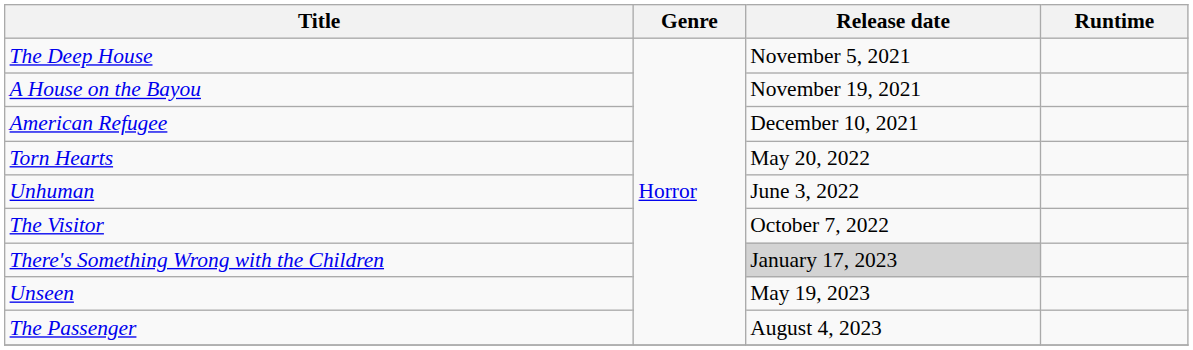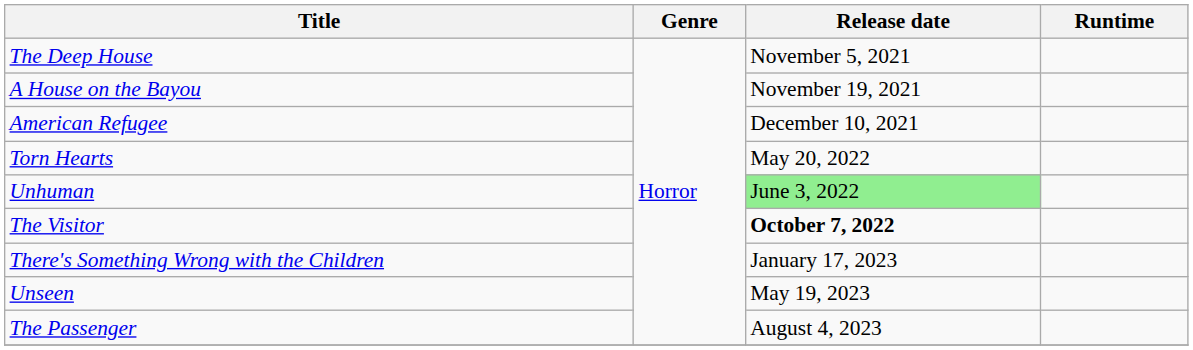 <table class="wikitable sortable" style="width:100%;">
 <tr>
 <th>Title</th>
 <th>Genre</th>
 <th>Release date</th>
 <th>Runtime</th>
 </tr>
 <tr>
 <td><em><a href='#'>The Deep House</a></em></td>
 <td rowspan="9"><a href='#'>Horror</a></td>
 <td>November 5, 2021</td>
 <td></td>
 </tr>
 <tr>
 <td><em><a href='#'>A House on the Bayou</a></em></td>
 <td>November 19, 2021</td>
 <td></td>
 </tr>
 <tr>
 <td><em><a href='#'>American Refugee</a></em></td>
 <td>December 10, 2021</td>
 <td></td>
 </tr>
 <tr>
 <td><em><a href='#'>Torn Hearts</a></em></td>
 <td>May 20, 2022</td>
 <td></td>
 </tr>
 <tr>
 <td><em><a href='#'>Unhuman</a></em></td>
-<td>June 3, 2022</td>
+<td style="background: lightgreen;">June 3, 2022</td>
 <td></td>
 </tr>
 <tr>
 <td><em><a href='#'>The Visitor</a></em></td>
-<td>October 7, 2022</td>
+<td><strong>October 7, 2022</strong></td>
 <td></td>
 </tr>
 <tr>
 <td><em><a href='#'>There's Something Wrong with the Children</a></em></td>
-<td style="background: lightgrey;">January 17, 2023</td>
+<td>January 17, 2023</td>
 <td></td>
 </tr>
 <tr>
 <td><em><a href='#'>Unseen</a></em></td>
 <td>May 19, 2023</td>
 <td></td>
 </tr>
 <tr>
 <td><em><a href='#'>The Passenger</a></em></td>
 <td>August 4, 2023</td>
 <td></td>
 </tr>
 <tr>
 </tr>
 </table>
